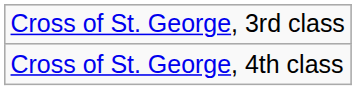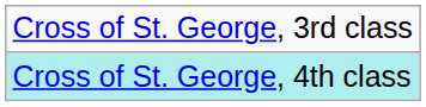 <table class="wikitable">
 <tr>
 <td><a href='#'>Cross of St. George</a>, 3rd class</td>
 </tr>
 <tr>
-<td><a href='#'>Cross of St. George</a>, 4th class</td>
+<td style="background: paleturquoise;"><a href='#'>Cross of St. George</a>, 4th class</td>
 </tr>
 </table>
